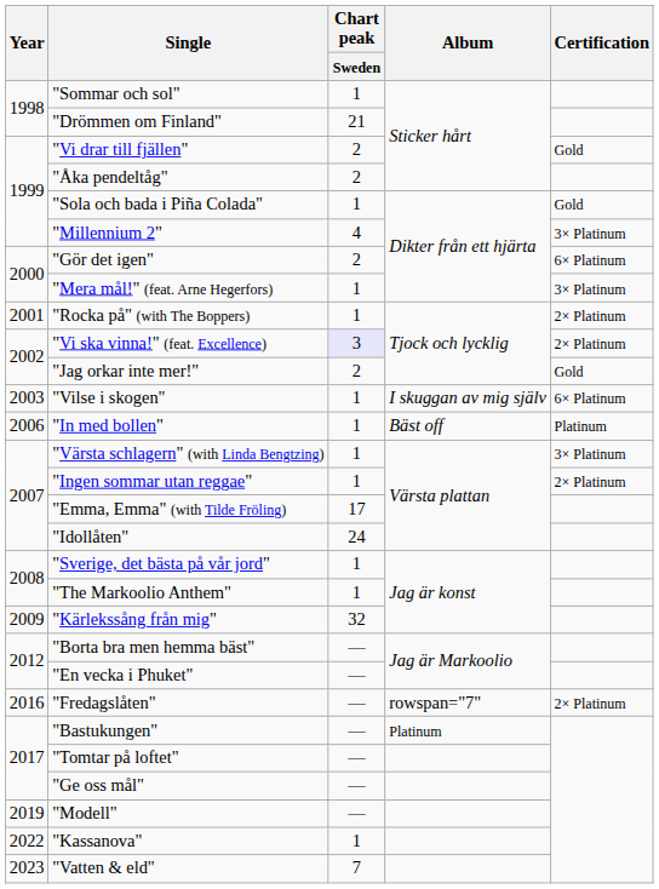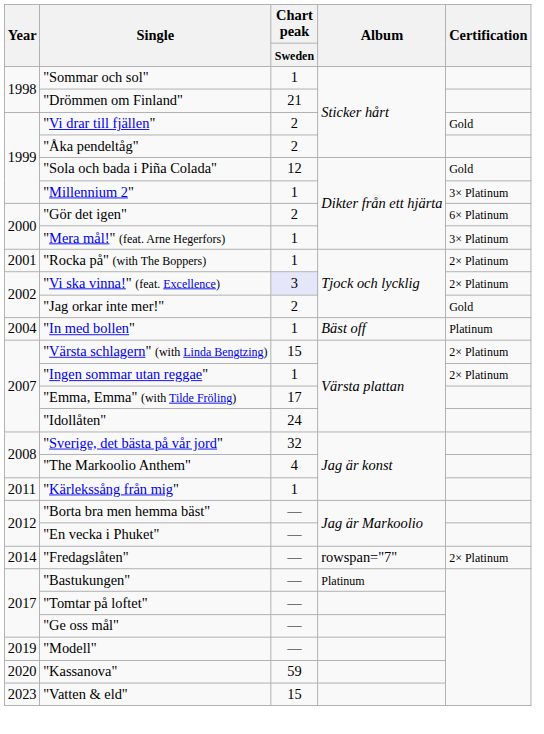 <table class="wikitable">
 <tr>
 <th rowspan="2">Year</th>
 <th rowspan="2">Single</th>
 <th>Chart peak</th>
 <th rowspan="2">Album</th>
 <th rowspan="2">Certification</th>
 </tr>
 <tr>
 <th width="45"><small>Sweden</small></th>
 </tr>
 <tr>
 <td rowspan="2">1998</td>
 <td>"Sommar och sol"</td>
 <td style="text-align:center;">1</td>
 <td rowspan="4"><em>Sticker hårt</em></td>
 <td></td>
 </tr>
 <tr>
 <td>"Drömmen om Finland"</td>
 <td style="text-align:center;">21</td>
 <td></td>
 </tr>
 <tr>
 <td rowspan="4">1999</td>
 <td>"<a href='#'>Vi drar till fjällen</a>"</td>
 <td style="text-align:center;">2</td>
 <td><small>Gold</small></td>
 </tr>
 <tr>
 <td>"Åka pendeltåg"</td>
 <td style="text-align:center;">2</td>
 <td></td>
 </tr>
 <tr>
 <td>"Sola och bada i Piña Colada"</td>
-<td style="text-align:center;">1</td>
+<td style="text-align:center;">12</td>
 <td rowspan="4"><em>Dikter från ett hjärta</em></td>
 <td><small>Gold</small></td>
 </tr>
 <tr>
 <td>"<a href='#'>Millennium 2</a>"</td>
-<td style="text-align:center;">4</td>
+<td style="text-align:center;">1</td>
 <td><small>3× Platinum</small></td>
 </tr>
 <tr>
 <td rowspan="2">2000</td>
 <td>"Gör det igen"</td>
 <td style="text-align:center;">2</td>
 <td><small>6× Platinum</small></td>
 </tr>
 <tr>
 <td>"<a href='#'>Mera mål!</a>" <small>(feat. Arne Hegerfors)</small></td>
 <td style="text-align:center;">1</td>
 <td><small>3× Platinum</small></td>
 </tr>
 <tr>
 <td>2001</td>
 <td>"Rocka på" <small>(with The Boppers)</small></td>
 <td style="text-align:center;">1</td>
 <td rowspan="3"><em>Tjock och lycklig</em></td>
 <td><small>2× Platinum</small></td>
 </tr>
 <tr>
 <td rowspan="2">2002</td>
 <td>"<a href='#'>Vi ska vinna!</a>" <small>(feat. <a href='#'>Excellence</a>)</small></td>
 <td style="background: lavender; text-align:center;">3</td>
 <td><small>2× Platinum</small></td>
 </tr>
 <tr>
 <td>"Jag orkar inte mer!"</td>
 <td style="text-align:center;">2</td>
 <td><small>Gold</small></td>
 </tr>
 <tr>
-<td>2003</td>
-<td>"Vilse i skogen"</td>
-<td style="text-align:center;">1</td>
-<td><em>I skuggan av mig själv</em></td>
-<td><small>6× Platinum</small></td>
-</tr>
-<tr>
-<td>2006</td>
+<td>2004</td>
 <td>"<a href='#'>In med bollen</a>"</td>
 <td style="text-align:center;">1</td>
 <td><em>Bäst off</em></td>
 <td><small>Platinum</small></td>
 </tr>
 <tr>
 <td rowspan="4">2007</td>
 <td>"<a href='#'>Värsta schlagern</a>" <small>(with <a href='#'>Linda Bengtzing</a>)</small></td>
-<td style="text-align:center;">1</td>
+<td style="text-align:center;">15</td>
 <td rowspan="4"><em>Värsta plattan</em></td>
-<td><small>3× Platinum</small></td>
+<td><small>2× Platinum</small></td>
 </tr>
 <tr>
 <td>"<a href='#'>Ingen sommar utan reggae</a>"</td>
 <td style="text-align:center;">1</td>
 <td><small>2× Platinum</small></td>
 </tr>
 <tr>
 <td>"Emma, Emma" <small>(with <a href='#'>Tilde Fröling</a>)</small></td>
 <td style="text-align:center;">17</td>
 <td></td>
 </tr>
 <tr>
 <td>"Idollåten"</td>
 <td style="text-align:center;">24</td>
 <td></td>
 </tr>
 <tr>
 <td rowspan="2">2008</td>
 <td>"<a href='#'>Sverige, det bästa på vår jord</a>"</td>
-<td style="text-align:center;">1</td>
+<td style="text-align:center;">32</td>
 <td rowspan="3"><em>Jag är konst</em></td>
 <td></td>
 </tr>
 <tr>
 <td>"The Markoolio Anthem"</td>
-<td style="text-align:center;">1</td>
+<td style="text-align:center;">4</td>
 <td></td>
 </tr>
 <tr>
-<td>2009</td>
+<td>2011</td>
 <td>"<a href='#'>Kärlekssång från mig</a>"</td>
-<td style="text-align:center;">32</td>
+<td style="text-align:center;">1</td>
 <td></td>
 </tr>
 <tr>
 <td rowspan="2">2012</td>
 <td>"Borta bra men hemma bäst"</td>
 <td style="text-align:center;">—</td>
 <td rowspan="2"><em>Jag är Markoolio</em></td>
 <td></td>
 </tr>
 <tr>
 <td>"En vecka i Phuket"</td>
 <td style="text-align:center;">—</td>
 <td></td>
 </tr>
 <tr>
-<td>2016</td>
+<td>2014</td>
 <td>"Fredagslåten"</td>
 <td style="text-align:center;">—</td>
 <td>rowspan="7" </td>
 <td><small>2× Platinum</small></td>
 </tr>
 <tr>
 <td rowspan="3">2017</td>
 <td>"Bastukungen"</td>
 <td style="text-align:center;">—</td>
 <td><small>Platinum</small></td>
 </tr>
 <tr>
 <td>"Tomtar på loftet"</td>
 <td style="text-align:center;">—</td>
 <td></td>
 </tr>
 <tr>
 <td>"Ge oss mål"</td>
 <td style="text-align:center;">—</td>
 <td></td>
 </tr>
 <tr>
 <td>2019</td>
 <td>"Modell"</td>
 <td style="text-align:center;">—</td>
 <td></td>
 </tr>
 <tr>
-<td>2022</td>
+<td>2020</td>
 <td>"Kassanova"<br></td>
-<td style="text-align:center;">1</td>
+<td style="text-align:center;">59<br></td>
 <td></td>
 </tr>
 <tr>
 <td>2023</td>
 <td>"Vatten & eld"</td>
-<td style="text-align:center;">7<br></td>
+<td style="text-align:center;">15</td>
 <td></td>
 </tr>
 </table>
